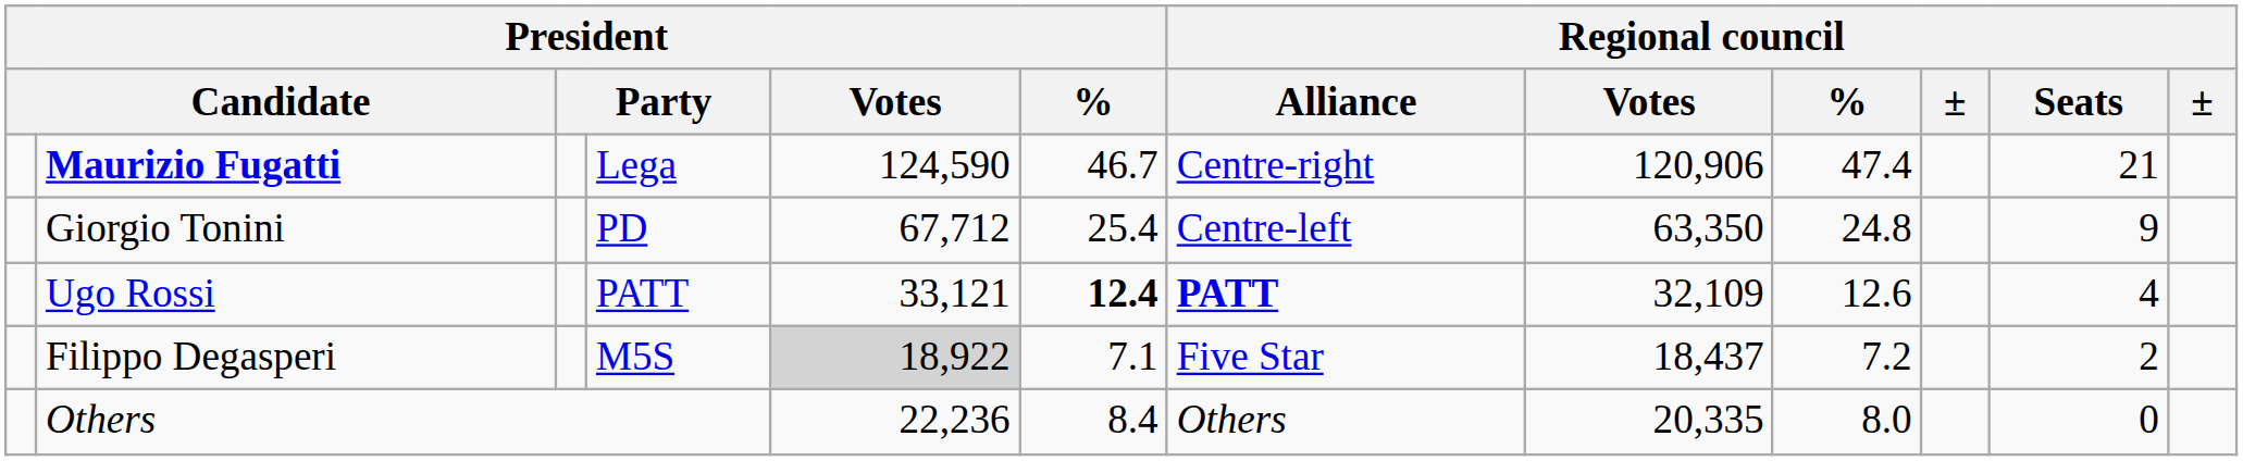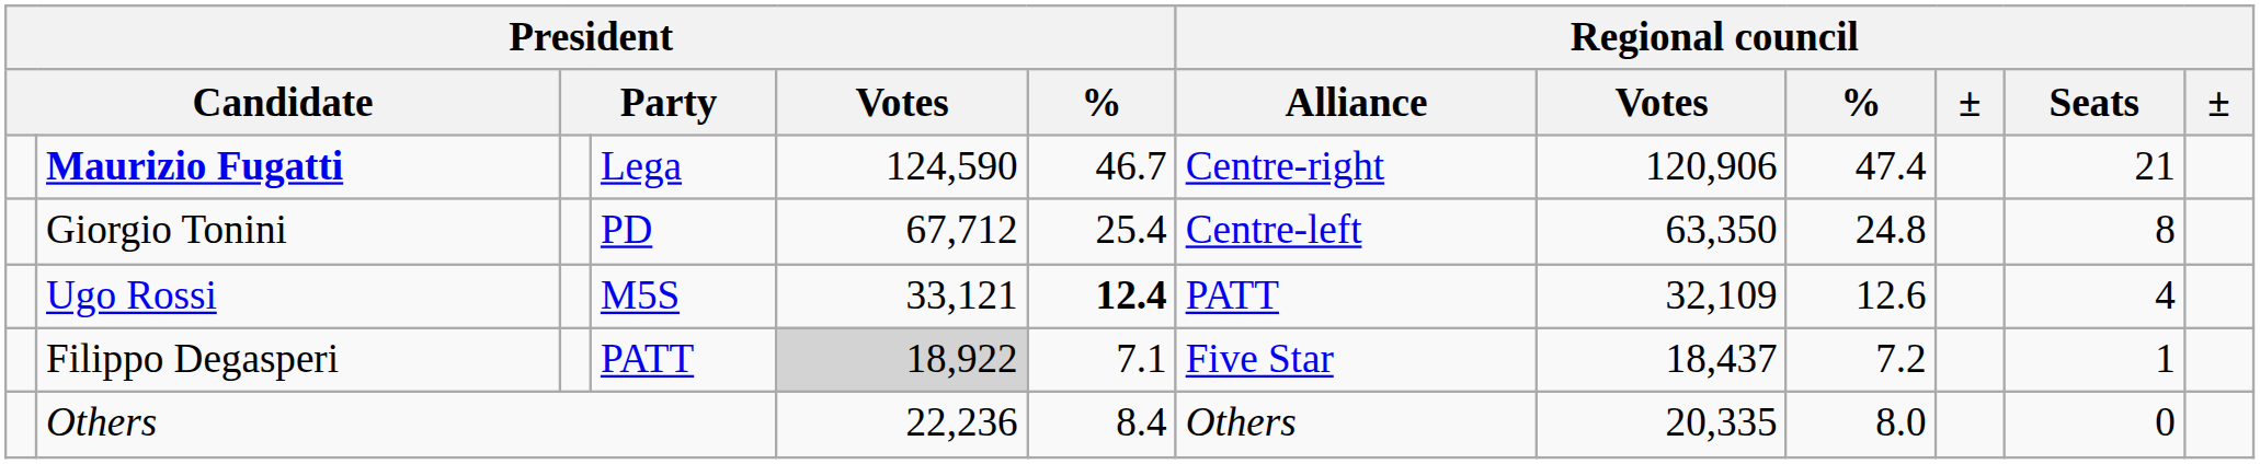 <table class="wikitable" style="text-align:right; style="width=70%">
 <tr>
 <th colspan="6">President</th>
 <th colspan="6">Regional council</th>
 </tr>
 <tr>
 <th colspan="2">Candidate</th>
 <th colspan="2">Party</th>
 <th>Votes</th>
 <th>%</th>
 <th>Alliance</th>
 <th>Votes</th>
 <th>%</th>
 <th>±</th>
 <th>Seats</th>
 <th>±</th>
 </tr>
 <tr>
 <td></td>
 <td style="text-align:left"><strong><a href='#'>Maurizio Fugatti</a></strong></td>
 <td></td>
 <td style="text-align:left"><a href='#'>Lega</a></td>
 <td>124,590</td>
 <td>46.7</td>
 <td style="text-align:left"><a href='#'>Centre-right</a></td>
 <td>120,906</td>
 <td>47.4</td>
 <td></td>
 <td>21</td>
 <td></td>
 </tr>
 <tr>
 <td></td>
 <td style="text-align:left">Giorgio Tonini</td>
 <td></td>
 <td style="text-align:left"><a href='#'>PD</a></td>
 <td>67,712</td>
 <td>25.4</td>
 <td style="text-align:left"><a href='#'>Centre-left</a></td>
 <td>63,350</td>
 <td>24.8</td>
 <td></td>
-<td>9</td>
+<td>8</td>
 <td></td>
 </tr>
 <tr>
 <td></td>
 <td style="text-align:left"><a href='#'>Ugo Rossi</a></td>
 <td></td>
-<td style="text-align:left"><a href='#'>PATT</a></td>
+<td style="text-align:left"><a href='#'>M5S</a></td>
 <td>33,121</td>
 <td><strong>12.4</strong></td>
-<td style="text-align:left"><strong><a href='#'>PATT</a></strong></td>
+<td style="text-align:left"><a href='#'>PATT</a></td>
 <td>32,109</td>
 <td>12.6</td>
 <td></td>
 <td>4</td>
 <td></td>
 </tr>
 <tr>
 <td></td>
 <td style="text-align:left">Filippo Degasperi</td>
 <td></td>
-<td style="text-align:left"><a href='#'>M5S</a></td>
+<td style="text-align:left"><a href='#'>PATT</a></td>
 <td style="background: lightgrey;">18,922</td>
 <td>7.1</td>
 <td style="text-align:left"><a href='#'>Five Star</a></td>
 <td>18,437</td>
 <td>7.2</td>
 <td></td>
-<td>2</td>
+<td>1</td>
 <td></td>
 </tr>
 <tr>
 <td></td>
 <td colspan="3" style="text-align:left"><em>Others</em></td>
 <td>22,236</td>
 <td>8.4</td>
 <td style="text-align:left"><em>Others</em></td>
 <td>20,335</td>
 <td>8.0</td>
 <td></td>
 <td>0</td>
 <td></td>
 </tr>
 </table>
